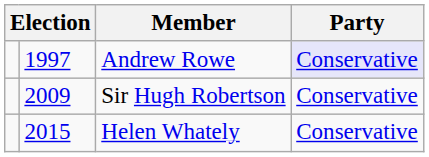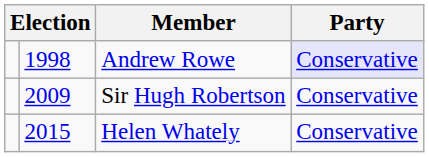 <table class="wikitable">
 <tr>
 <th colspan="2">Election</th>
 <th>Member</th>
 <th>Party</th>
 </tr>
 <tr>
 <td style="color:inherit;background-color: "></td>
-<td><a href='#'>1997</a></td>
+<td><a href='#'>1998</a></td>
 <td><a href='#'>Andrew Rowe</a></td>
 <td style="background: lavender;"><a href='#'>Conservative</a></td>
 </tr>
 <tr>
 <td style="color:inherit;background-color: "></td>
 <td><a href='#'>2009</a></td>
 <td>Sir <a href='#'>Hugh Robertson</a></td>
 <td><a href='#'>Conservative</a></td>
 </tr>
 <tr>
 <td style="color:inherit;background-color: "></td>
 <td><a href='#'>2015</a></td>
 <td><a href='#'>Helen Whately</a></td>
 <td><a href='#'>Conservative</a></td>
 </tr>
 </table>
